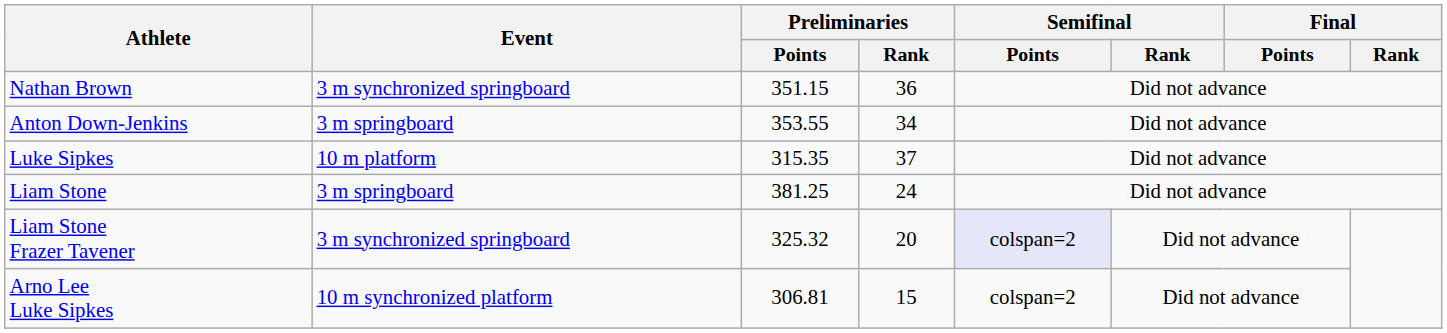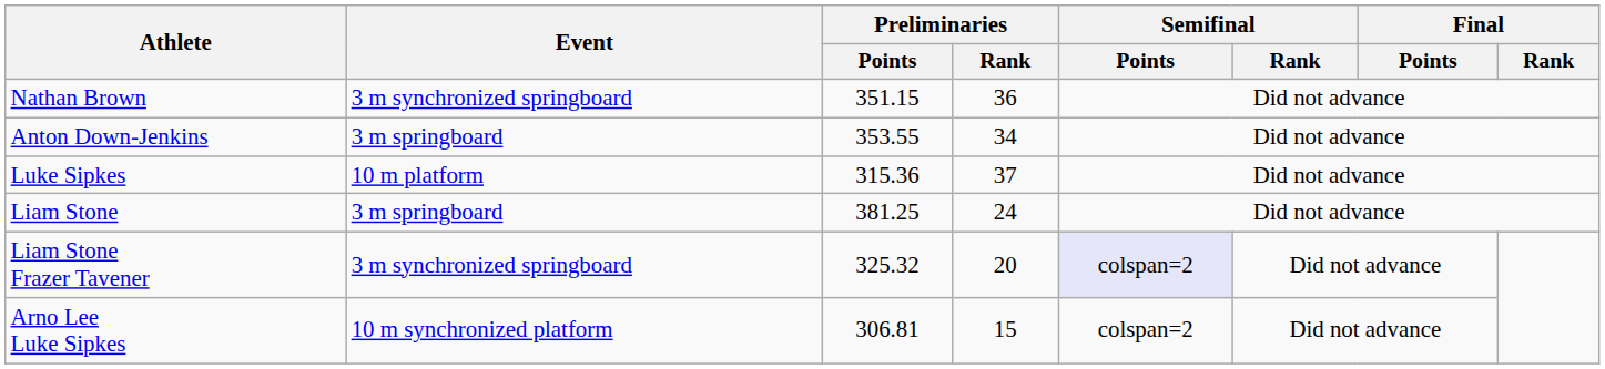 <table class="wikitable" style="text-align:center; font-size:90%; width:50%;">
 <tr>
 <th rowspan=2>Athlete</th>
 <th rowspan=2>Event</th>
 <th colspan=2>Preliminaries</th>
 <th colspan=2>Semifinal</th>
 <th colspan=2>Final</th>
 </tr>
 <tr style="font-size:95%">
 <th>Points</th>
 <th>Rank</th>
 <th>Points</th>
 <th>Rank</th>
 <th>Points</th>
 <th>Rank</th>
 </tr>
 <tr>
 <td align=left><a href='#'>Nathan Brown</a></td>
 <td align=left><a href='#'>3 m synchronized springboard</a></td>
 <td>351.15</td>
 <td>36</td>
 <td colspan=4>Did not advance</td>
 </tr>
 <tr>
 <td align=left><a href='#'>Anton Down-Jenkins</a></td>
 <td align=left><a href='#'>3 m springboard</a></td>
 <td>353.55</td>
 <td>34</td>
 <td colspan=4>Did not advance</td>
 </tr>
 <tr>
 <td align=left><a href='#'>Luke Sipkes</a></td>
 <td align=left><a href='#'>10 m platform</a></td>
-<td>315.35</td>
+<td>315.36</td>
 <td>37</td>
 <td colspan=4>Did not advance</td>
 </tr>
 <tr>
 <td align=left><a href='#'>Liam Stone</a></td>
 <td align=left><a href='#'>3 m springboard</a></td>
 <td>381.25</td>
 <td>24</td>
 <td colspan=4>Did not advance</td>
 </tr>
 <tr>
 <td align=left><a href='#'>Liam Stone</a><br> <a href='#'>Frazer Tavener</a></td>
 <td align=left><a href='#'>3 m synchronized springboard</a></td>
 <td>325.32</td>
 <td>20</td>
 <td style="background: lavender;">colspan=2 </td>
 <td colspan=2>Did not advance</td>
 </tr>
 <tr>
 <td align=left><a href='#'>Arno Lee</a><br> <a href='#'>Luke Sipkes</a></td>
 <td align=left><a href='#'>10 m synchronized platform</a></td>
 <td>306.81</td>
 <td>15</td>
 <td>colspan=2 </td>
 <td colspan=2>Did not advance</td>
 </tr>
 </table>
